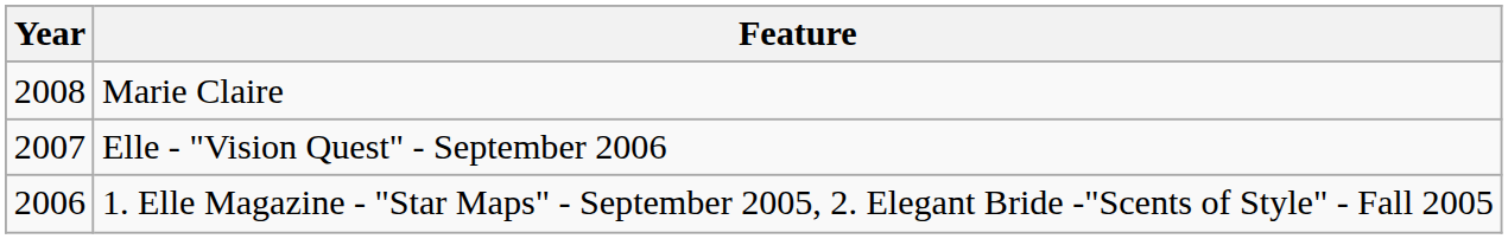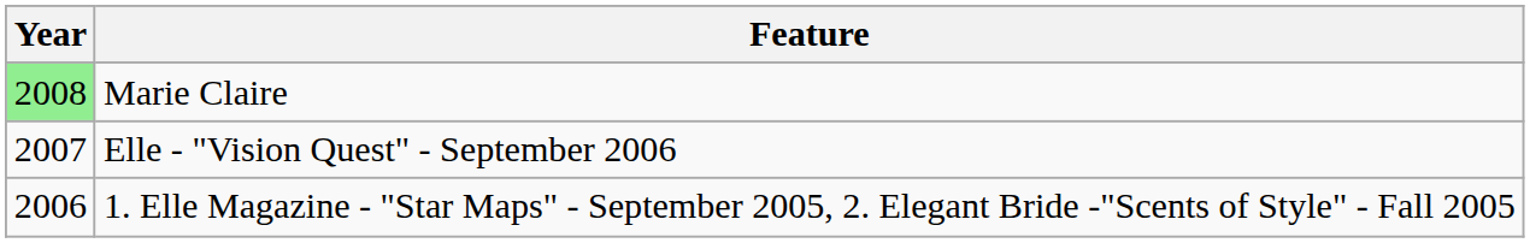 <table class="wikitable sortable">
 <tr>
 <th>Year</th>
 <th>Feature</th>
 </tr>
 <tr>
-<td>2008</td>
+<td style="background: lightgreen;">2008</td>
 <td>Marie Claire</td>
 </tr>
 <tr>
 <td>2007</td>
 <td>Elle - "Vision Quest" - September 2006</td>
 </tr>
 <tr>
 <td>2006</td>
 <td>1. Elle Magazine - "Star Maps" - September 2005, 2. Elegant Bride -"Scents of Style" - Fall 2005</td>
 </tr>
 </table>
